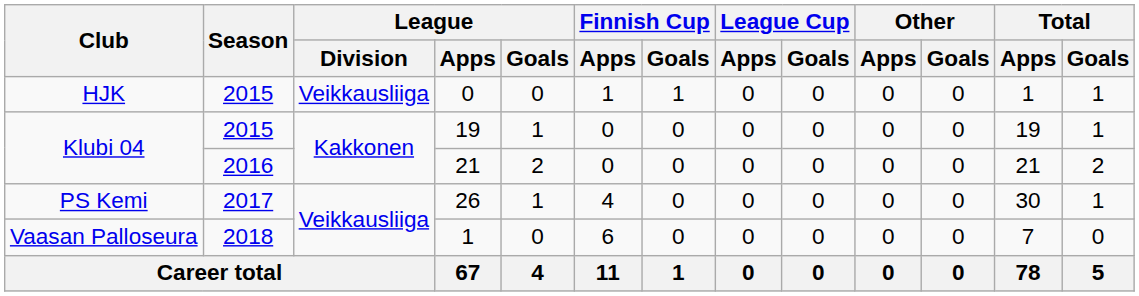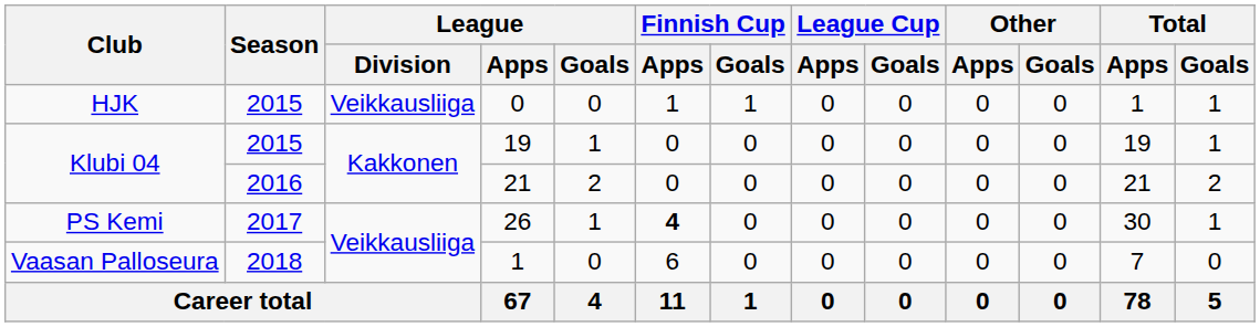 <table class="wikitable" style="text-align: center;">
 <tr>
 <th rowspan="2">Club</th>
 <th rowspan="2">Season</th>
 <th colspan="3">League</th>
 <th colspan="2"><a href='#'>Finnish Cup</a></th>
 <th colspan="2"><a href='#'>League Cup</a></th>
 <th colspan="2">Other</th>
 <th colspan="2">Total</th>
 </tr>
 <tr>
 <th>Division</th>
 <th>Apps</th>
 <th>Goals</th>
 <th>Apps</th>
 <th>Goals</th>
 <th>Apps</th>
 <th>Goals</th>
 <th>Apps</th>
 <th>Goals</th>
 <th>Apps</th>
 <th>Goals</th>
 </tr>
 <tr>
 <td rowspan="1" valign="center"><a href='#'>HJK</a></td>
 <td rowspan="1" valign="center"><a href='#'>2015</a></td>
 <td><a href='#'>Veikkausliiga</a></td>
 <td>0</td>
 <td>0</td>
 <td>1</td>
 <td>1</td>
 <td>0</td>
 <td>0</td>
 <td>0</td>
 <td>0</td>
 <td>1</td>
 <td>1</td>
 </tr>
 <tr>
 <td rowspan="2" valign="center"><a href='#'>Klubi 04</a></td>
 <td rowspan="1" valign="center"><a href='#'>2015</a></td>
 <td rowspan="2" valign="center"><a href='#'>Kakkonen</a></td>
 <td>19</td>
 <td>1</td>
 <td>0</td>
 <td>0</td>
 <td>0</td>
 <td>0</td>
 <td>0</td>
 <td>0</td>
 <td>19</td>
 <td>1</td>
 </tr>
 <tr>
 <td><a href='#'>2016</a></td>
 <td>21</td>
 <td>2</td>
 <td>0</td>
 <td>0</td>
 <td>0</td>
 <td>0</td>
 <td>0</td>
 <td>0</td>
 <td>21</td>
 <td>2</td>
 </tr>
 <tr>
 <td rowspan="1" valign="center"><a href='#'>PS Kemi</a></td>
 <td><a href='#'>2017</a></td>
 <td rowspan="2" valign="center"><a href='#'>Veikkausliiga</a></td>
 <td>26</td>
 <td>1</td>
-<td>4</td>
+<td><strong>4</strong></td>
 <td>0</td>
 <td>0</td>
 <td>0</td>
 <td>0</td>
 <td>0</td>
 <td>30</td>
 <td>1</td>
 </tr>
 <tr>
 <td rowspan="1" valign="center"><a href='#'>Vaasan Palloseura</a></td>
 <td><a href='#'>2018</a></td>
 <td>1</td>
 <td>0</td>
 <td>6</td>
 <td>0</td>
 <td>0</td>
 <td>0</td>
 <td>0</td>
 <td>0</td>
 <td>7</td>
 <td>0</td>
 </tr>
 <tr>
 <th colspan="3">Career total</th>
 <th>67</th>
 <th>4</th>
 <th>11</th>
 <th>1</th>
 <th>0</th>
 <th>0</th>
 <th>0</th>
 <th>0</th>
 <th>78</th>
 <th>5</th>
 </tr>
 </table>
